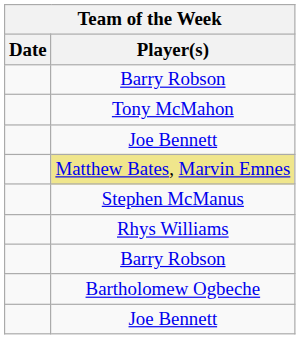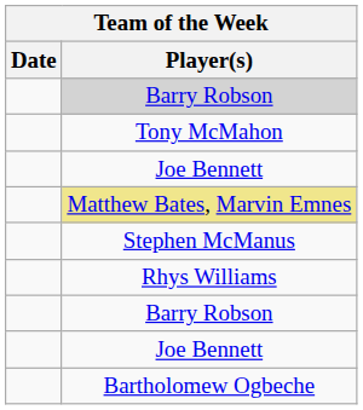 <table class="wikitable" style="text-align: center">
 <tr>
 <th style="text-align:center;" colspan="2">Team of the Week</th>
 </tr>
 <tr>
 <th>Date</th>
 <th>Player(s)</th>
 </tr>
 <tr>
 <td></td>
-<td><a href='#'>Barry Robson</a></td>
+<td style="background: lightgrey;"><a href='#'>Barry Robson</a></td>
 </tr>
 <tr>
 <td></td>
 <td><a href='#'>Tony McMahon</a></td>
 </tr>
 <tr>
 <td></td>
 <td><a href='#'>Joe Bennett</a></td>
 </tr>
 <tr>
 <td></td>
 <td style="background: khaki;"><a href='#'>Matthew Bates</a>, <a href='#'>Marvin Emnes</a></td>
 </tr>
 <tr>
 <td></td>
 <td><a href='#'>Stephen McManus</a></td>
 </tr>
 <tr>
 <td></td>
 <td><a href='#'>Rhys Williams</a></td>
 </tr>
 <tr>
 <td></td>
 <td><a href='#'>Barry Robson</a></td>
 </tr>
 <tr>
 <td></td>
-<td><a href='#'>Bartholomew Ogbeche</a></td>
+<td><a href='#'>Joe Bennett</a></td>
 </tr>
 <tr>
 <td></td>
-<td><a href='#'>Joe Bennett</a></td>
+<td><a href='#'>Bartholomew Ogbeche</a></td>
 </tr>
 </table>
